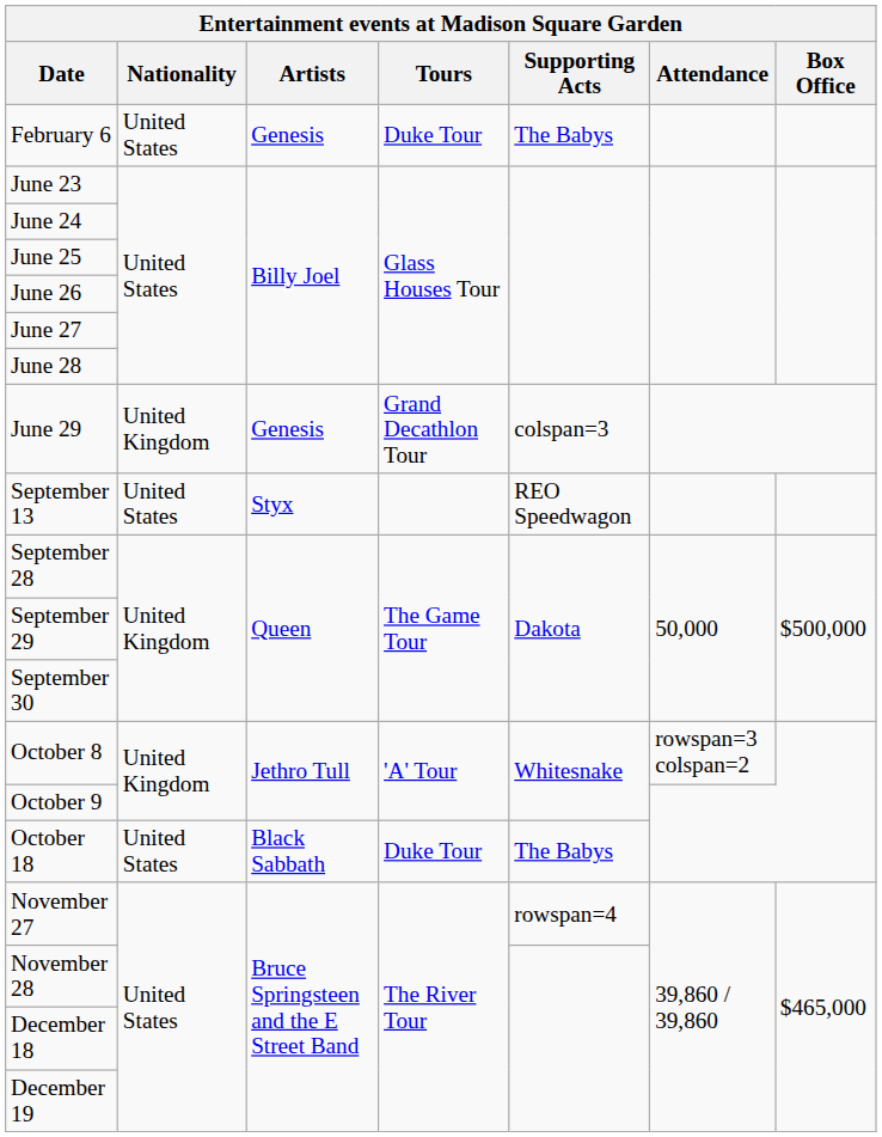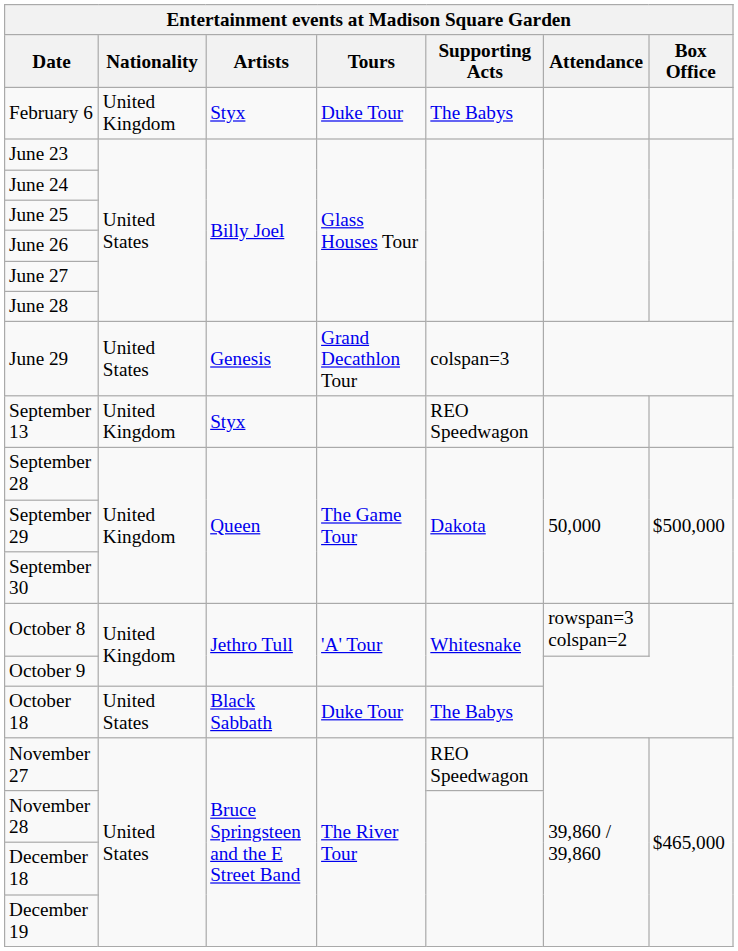 <table class="wikitable">
 <tr>
 <th colspan="13">Entertainment events at Madison Square Garden</th>
 </tr>
 <tr>
 <th width=100>Date</th>
 <th width=150>Nationality</th>
 <th width=200>Artists</th>
 <th width=300>Tours</th>
 <th width=200>Supporting Acts</th>
 <th width=100>Attendance</th>
 <th width=100>Box Office</th>
 </tr>
 <tr>
 <td>February 6</td>
-<td>United States</td>
-<td><a href='#'>Genesis</a></td>
+<td>United Kingdom</td>
+<td><a href='#'>Styx</a></td>
 <td><a href='#'>Duke Tour</a></td>
 <td><a href='#'>The Babys</a></td>
 <td></td>
 <td></td>
 </tr>
 <tr>
 <td>June 23</td>
 <td rowspan=6>United States</td>
 <td rowspan=6><a href='#'>Billy Joel</a></td>
 <td rowspan=6><a href='#'>Glass Houses</a> Tour</td>
 <td rowspan=6></td>
 <td rowspan=6></td>
 <td rowspan=6></td>
 </tr>
 <tr>
 <td>June 24</td>
 </tr>
 <tr>
 <td>June 25</td>
 </tr>
 <tr>
 <td>June 26</td>
 </tr>
 <tr>
 <td>June 27</td>
 </tr>
 <tr>
 <td>June 28</td>
 </tr>
 <tr>
 <td>June 29</td>
-<td>United Kingdom</td>
+<td>United States</td>
 <td><a href='#'>Genesis</a></td>
 <td><a href='#'>Grand Decathlon</a> Tour</td>
 <td>colspan=3 </td>
 </tr>
 <tr>
 <td>September 13</td>
-<td>United States</td>
+<td>United Kingdom</td>
 <td><a href='#'>Styx</a></td>
 <td></td>
 <td>REO Speedwagon</td>
 <td></td>
 <td></td>
 </tr>
 <tr>
 <td>September 28</td>
 <td rowspan=3>United Kingdom</td>
 <td rowspan=3><a href='#'>Queen</a></td>
 <td rowspan=3><a href='#'>The Game Tour</a></td>
 <td rowspan=3><a href='#'>Dakota</a></td>
 <td rowspan=3>50,000</td>
 <td rowspan=3>$500,000</td>
 </tr>
 <tr>
 <td>September 29</td>
 </tr>
 <tr>
 <td>September 30</td>
 </tr>
 <tr>
 <td>October 8</td>
 <td rowspan=2>United Kingdom</td>
 <td rowspan=2><a href='#'>Jethro Tull</a></td>
 <td rowspan=2><a href='#'>'A' Tour</a></td>
 <td rowspan=2><a href='#'>Whitesnake</a></td>
 <td>rowspan=3 colspan=2 </td>
 </tr>
 <tr>
 <td>October 9</td>
 </tr>
 <tr>
 <td>October 18</td>
 <td>United States</td>
 <td><a href='#'>Black Sabbath</a></td>
 <td><a href='#'>Duke Tour</a></td>
 <td><a href='#'>The Babys</a></td>
 </tr>
 <tr>
 <td>November 27</td>
 <td rowspan=4>United States</td>
 <td rowspan=4><a href='#'>Bruce Springsteen and the E Street Band</a></td>
 <td rowspan=4><a href='#'>The River Tour</a></td>
-<td>rowspan=4 </td>
+<td>REO Speedwagon</td>
 <td rowspan=4>39,860 / 39,860</td>
 <td rowspan=4>$465,000</td>
 </tr>
 <tr>
 <td>November 28</td>
 </tr>
 <tr>
 <td>December 18</td>
 </tr>
 <tr>
 <td>December 19</td>
 </tr>
 </table>
